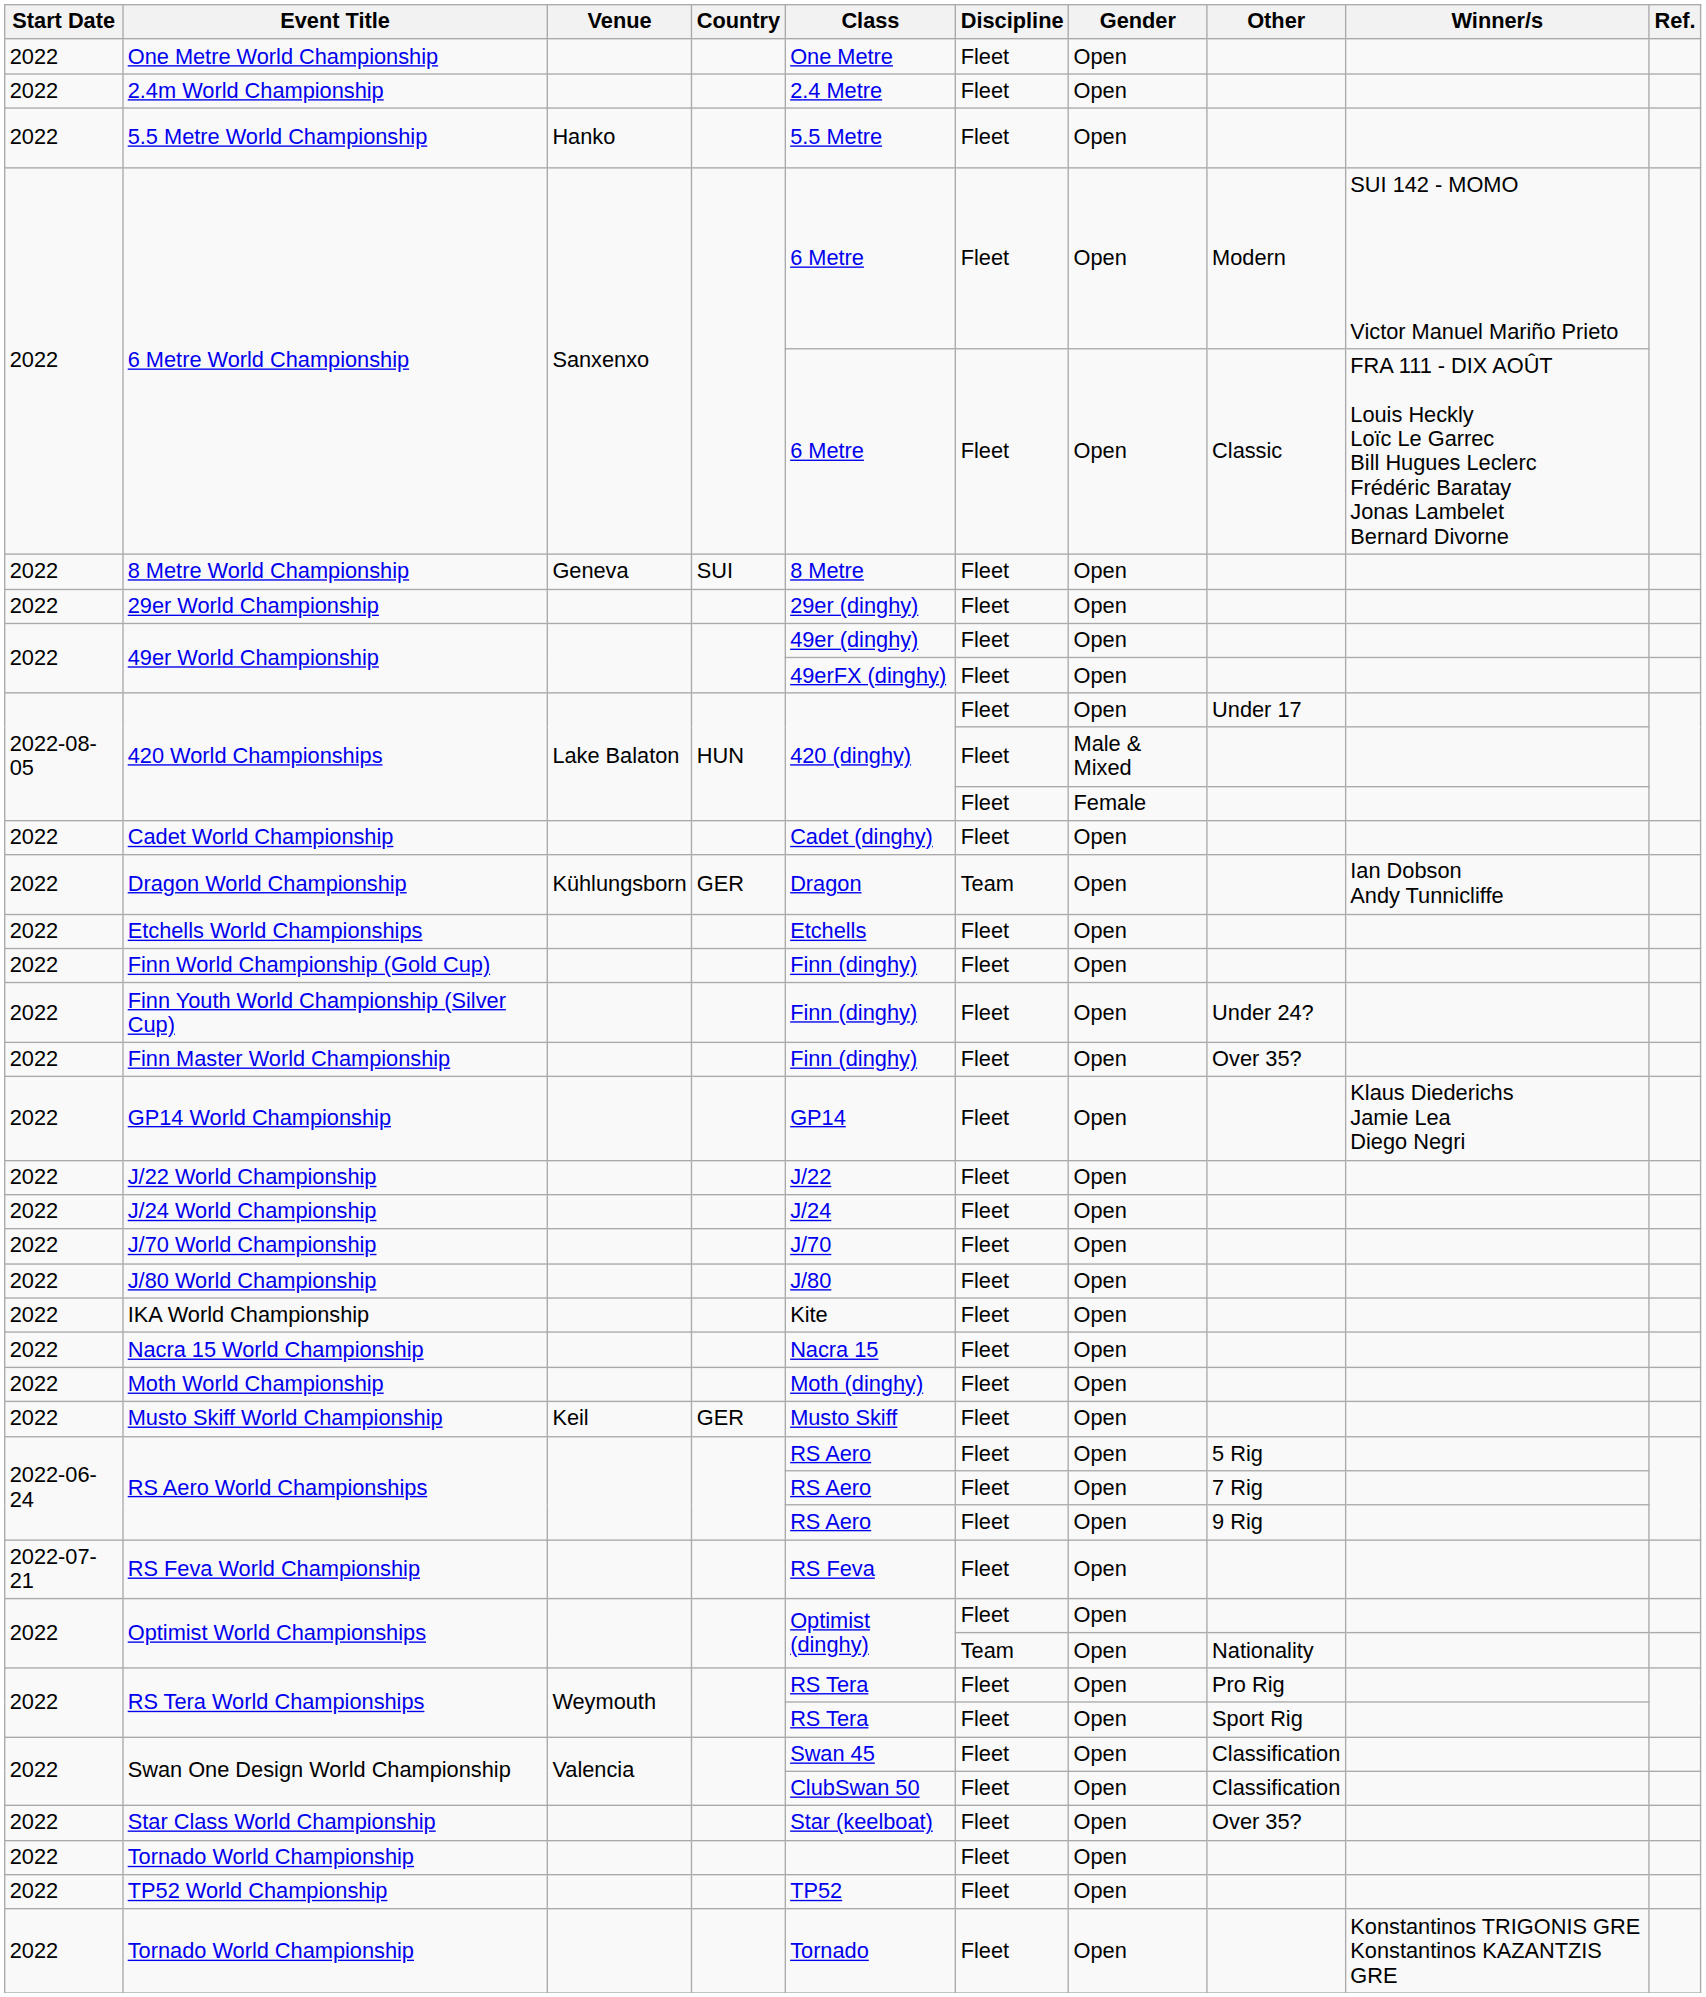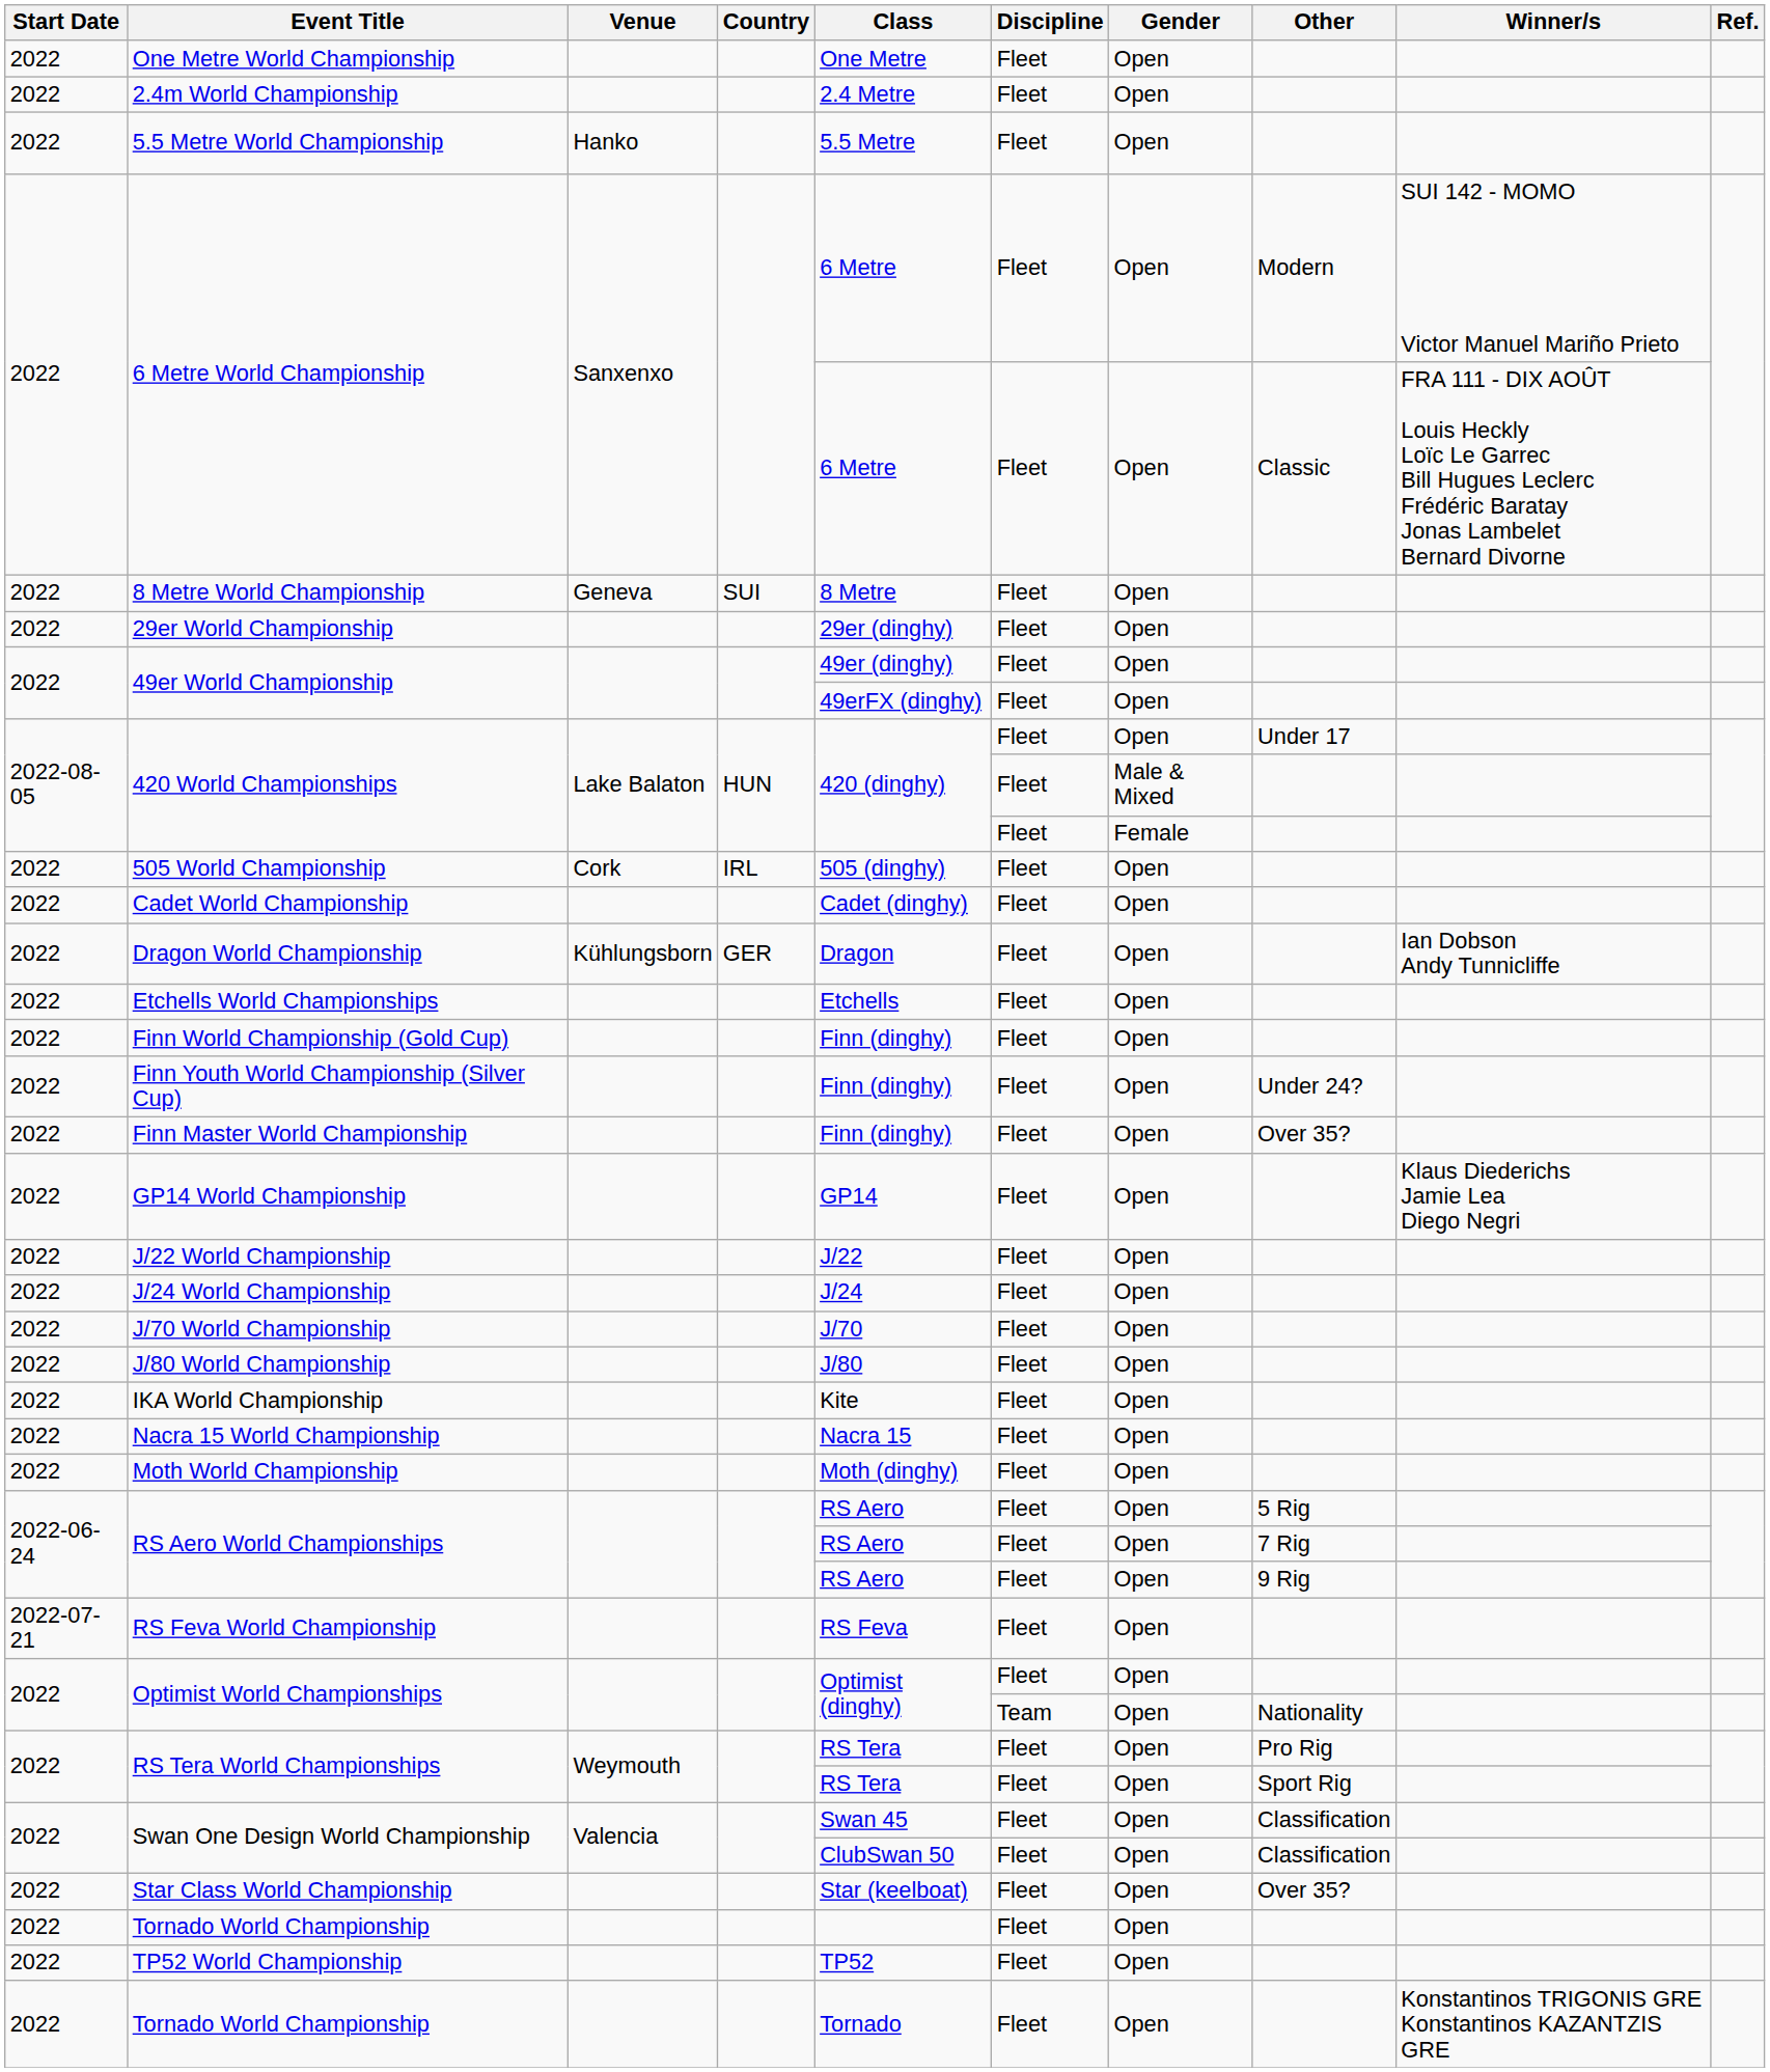 <table class="wikitable sortable">
 <tr>
 <th>Start Date</th>
 <th>Event Title</th>
 <th>Venue</th>
 <th>Country</th>
 <th>Class</th>
 <th>Discipline</th>
 <th>Gender</th>
 <th>Other</th>
 <th>Winner/s</th>
 <th>Ref.</th>
 </tr>
 <tr>
 <td>2022</td>
 <td><a href='#'>One Metre World Championship</a></td>
 <td></td>
 <td></td>
 <td><a href='#'>One Metre</a></td>
 <td>Fleet</td>
 <td>Open</td>
 <td></td>
 <td></td>
 <td></td>
 </tr>
 <tr>
 <td>2022</td>
 <td><a href='#'>2.4m World Championship</a></td>
 <td></td>
 <td></td>
 <td><a href='#'>2.4 Metre</a></td>
 <td>Fleet</td>
 <td>Open</td>
 <td></td>
 <td> </td>
 <td></td>
 </tr>
 <tr>
 <td>2022</td>
 <td><a href='#'>5.5 Metre World Championship</a></td>
 <td>Hanko</td>
 <td></td>
 <td><a href='#'>5.5 Metre</a></td>
 <td>Fleet</td>
 <td>Open</td>
 <td></td>
 <td> <br> <br> </td>
 <td></td>
 </tr>
 <tr>
 <td rowspan=2>2022</td>
 <td rowspan=2><a href='#'>6 Metre World Championship</a></td>
 <td rowspan=2>Sanxenxo</td>
 <td rowspan=2></td>
 <td><a href='#'>6 Metre</a></td>
 <td>Fleet</td>
 <td>Open</td>
 <td>Modern</td>
 <td>SUI 142 - MOMO<br><br><br> <br> <br> <br> Victor Manuel Mariño Prieto</td>
 <td rowspan=2></td>
 </tr>
 <tr>
 <td><a href='#'>6 Metre</a></td>
 <td>Fleet</td>
 <td>Open</td>
 <td>Classic</td>
 <td>FRA 111 - DIX AOÛT<br><br>Louis Heckly<br> Loïc Le Garrec<br> Bill Hugues Leclerc<br> Frédéric Baratay<br> Jonas Lambelet<br> Bernard Divorne<br></td>
 </tr>
 <tr>
 <td>2022</td>
 <td><a href='#'>8 Metre World Championship</a></td>
 <td>Geneva</td>
 <td>SUI</td>
 <td><a href='#'>8 Metre</a></td>
 <td>Fleet</td>
 <td>Open</td>
 <td></td>
 <td></td>
 <td></td>
 </tr>
 <tr>
 <td>2022</td>
 <td><a href='#'>29er World Championship</a></td>
 <td></td>
 <td></td>
 <td><a href='#'>29er (dinghy)</a></td>
 <td>Fleet</td>
 <td>Open</td>
 <td></td>
 <td></td>
 <td></td>
 </tr>
 <tr>
 <td rowspan=2>2022</td>
 <td rowspan=2><a href='#'>49er World Championship</a></td>
 <td rowspan=2></td>
 <td rowspan=2></td>
 <td><a href='#'>49er (dinghy)</a></td>
 <td>Fleet</td>
 <td>Open</td>
 <td></td>
 <td></td>
 <td></td>
 </tr>
 <tr>
 <td><a href='#'>49erFX (dinghy)</a></td>
 <td>Fleet</td>
 <td>Open</td>
 <td></td>
 <td></td>
 <td></td>
 </tr>
 <tr>
 <td rowspan= 3>2022-08-05</td>
 <td rowspan= 3><a href='#'>420 World Championships</a></td>
 <td rowspan= 3>Lake Balaton</td>
 <td rowspan= 3>HUN</td>
 <td rowspan= 3><a href='#'>420 (dinghy)</a></td>
 <td>Fleet</td>
 <td>Open</td>
 <td>Under 17</td>
 <td><br></td>
 <td rowspan= 3></td>
 </tr>
 <tr>
 <td>Fleet</td>
 <td>Male & Mixed</td>
 <td></td>
 <td><br></td>
 </tr>
 <tr>
 <td>Fleet</td>
 <td>Female</td>
 <td></td>
 <td><br></td>
 </tr>
 <tr>
 <td>2022</td>
+<td><a href='#'>505 World Championship</a></td>
+<td>Cork</td>
+<td>IRL</td>
+<td><a href='#'>505 (dinghy)</a></td>
+<td>Fleet</td>
+<td>Open</td>
+<td></td>
+<td> <br> </td>
+<td></td>
+</tr>
+<tr>
+<td>2022</td>
 <td><a href='#'>Cadet World Championship</a></td>
 <td></td>
 <td></td>
 <td><a href='#'>Cadet (dinghy)</a></td>
 <td>Fleet</td>
 <td>Open</td>
 <td></td>
 <td></td>
 <td></td>
 </tr>
 <tr>
 <td>2022</td>
 <td><a href='#'>Dragon World Championship</a></td>
 <td>Kühlungsborn</td>
 <td>GER</td>
 <td><a href='#'>Dragon</a></td>
-<td>Team</td>
+<td>Fleet</td>
 <td>Open</td>
 <td></td>
 <td>Ian Dobson<br>Andy Tunnicliffe</td>
 <td></td>
 </tr>
 <tr>
 <td>2022</td>
 <td><a href='#'>Etchells World Championships</a></td>
 <td></td>
 <td></td>
 <td><a href='#'>Etchells</a></td>
 <td>Fleet</td>
 <td>Open</td>
 <td></td>
 <td></td>
 <td></td>
 </tr>
 <tr>
 <td>2022</td>
 <td><a href='#'>Finn World Championship (Gold Cup)</a></td>
 <td></td>
 <td></td>
 <td><a href='#'>Finn (dinghy)</a></td>
 <td>Fleet</td>
 <td>Open</td>
 <td></td>
 <td></td>
 </tr>
 <tr>
 <td>2022</td>
 <td><a href='#'>Finn Youth World Championship (Silver Cup)</a></td>
 <td></td>
 <td></td>
 <td><a href='#'>Finn (dinghy)</a></td>
 <td>Fleet</td>
 <td>Open</td>
 <td>Under 24?</td>
 <td></td>
 <td></td>
 </tr>
 <tr>
 <td>2022</td>
 <td><a href='#'>Finn Master World Championship</a></td>
 <td></td>
 <td></td>
 <td><a href='#'>Finn (dinghy)</a></td>
 <td>Fleet</td>
 <td>Open</td>
 <td>Over 35?</td>
 <td></td>
 <td></td>
 </tr>
 <tr>
 <td>2022</td>
 <td><a href='#'>GP14 World Championship</a></td>
 <td></td>
 <td></td>
 <td><a href='#'>GP14</a></td>
 <td>Fleet</td>
 <td>Open</td>
 <td></td>
 <td>Klaus Diederichs<br>Jamie Lea<br>Diego Negri</td>
 <td></td>
 </tr>
 <tr>
 <td>2022</td>
 <td><a href='#'>J/22 World Championship</a></td>
 <td></td>
 <td></td>
 <td><a href='#'>J/22</a></td>
 <td>Fleet</td>
 <td>Open</td>
 <td></td>
 <td></td>
 <td></td>
 </tr>
 <tr>
 <td>2022</td>
 <td><a href='#'>J/24 World Championship</a></td>
 <td></td>
 <td></td>
 <td><a href='#'>J/24</a></td>
 <td>Fleet</td>
 <td>Open</td>
 <td></td>
 <td></td>
 <td></td>
 </tr>
 <tr>
 <td>2022</td>
 <td><a href='#'>J/70 World Championship</a></td>
 <td></td>
 <td></td>
 <td><a href='#'>J/70</a></td>
 <td>Fleet</td>
 <td>Open</td>
 <td></td>
 <td></td>
 <td></td>
 </tr>
 <tr>
 <td>2022</td>
 <td><a href='#'>J/80 World Championship</a></td>
 <td></td>
 <td></td>
 <td><a href='#'>J/80</a></td>
 <td>Fleet</td>
 <td>Open</td>
 <td></td>
 <td></td>
 <td></td>
 </tr>
 <tr>
 <td>2022</td>
 <td>IKA World Championship</td>
 <td></td>
 <td></td>
 <td>Kite</td>
 <td>Fleet</td>
 <td>Open</td>
 <td></td>
 <td></td>
 <td></td>
 </tr>
 <tr>
 <td>2022</td>
 <td><a href='#'>Nacra 15 World Championship</a></td>
 <td></td>
 <td></td>
 <td><a href='#'>Nacra 15</a></td>
 <td>Fleet</td>
 <td>Open</td>
 <td></td>
 <td></td>
 <td></td>
 </tr>
 <tr>
 <td>2022</td>
 <td><a href='#'>Moth World Championship</a></td>
 <td></td>
 <td></td>
 <td><a href='#'>Moth (dinghy)</a></td>
-<td>Fleet</td>
-<td>Open</td>
-<td></td>
-<td></td>
-<td></td>
-</tr>
-<tr>
-<td>2022</td>
-<td><a href='#'>Musto Skiff World Championship</a></td>
-<td>Keil</td>
-<td>GER</td>
-<td><a href='#'>Musto Skiff</a></td>
 <td>Fleet</td>
 <td>Open</td>
 <td></td>
 <td></td>
 <td></td>
 </tr>
 <tr>
 <td rowspan=3>2022-06-24</td>
 <td rowspan=3><a href='#'>RS Aero World Championships</a></td>
 <td rowspan=3></td>
 <td rowspan=3></td>
 <td><a href='#'>RS Aero</a></td>
 <td>Fleet</td>
 <td>Open</td>
 <td>5 Rig</td>
 <td></td>
 <td rowspan=3></td>
 </tr>
 <tr>
 <td><a href='#'>RS Aero</a></td>
 <td>Fleet</td>
 <td>Open</td>
 <td>7 Rig</td>
 <td></td>
 </tr>
 <tr>
 <td><a href='#'>RS Aero</a></td>
 <td>Fleet</td>
 <td>Open</td>
 <td>9 Rig</td>
 <td></td>
 </tr>
 <tr>
 <td>2022-07-21</td>
 <td><a href='#'>RS Feva World Championship</a></td>
 <td></td>
 <td></td>
 <td><a href='#'>RS Feva</a></td>
 <td>Fleet</td>
 <td>Open</td>
 <td></td>
 <td><br></td>
 <td></td>
 </tr>
 <tr>
 <td rowspan=2>2022</td>
 <td rowspan=2><a href='#'>Optimist World Championships</a></td>
 <td rowspan="2"></td>
 <td rowspan=2></td>
 <td rowspan=2><a href='#'>Optimist (dinghy)</a></td>
 <td>Fleet</td>
 <td>Open</td>
 <td></td>
 <td></td>
 <td></td>
 </tr>
 <tr>
 <td>Team</td>
 <td>Open</td>
 <td>Nationality</td>
 <td></td>
 <td></td>
 </tr>
 <tr>
 <td rowspan=2>2022</td>
 <td rowspan=2><a href='#'>RS Tera World Championships</a></td>
 <td rowspan="2">Weymouth</td>
 <td rowspan=2></td>
 <td><a href='#'>RS Tera</a></td>
 <td>Fleet</td>
 <td>Open</td>
 <td>Pro Rig</td>
 <td></td>
 <td rowspan=2></td>
 </tr>
 <tr>
 <td><a href='#'>RS Tera</a></td>
 <td>Fleet</td>
 <td>Open</td>
 <td>Sport Rig</td>
 <td></td>
 </tr>
 <tr>
 <td rowspan=2>2022</td>
 <td rowspan=2>Swan One Design World Championship</td>
 <td rowspan=2>Valencia</td>
 <td rowspan=2></td>
 <td><a href='#'>Swan 45</a></td>
 <td>Fleet</td>
 <td>Open</td>
 <td>Classification</td>
 <td></td>
 <td></td>
 </tr>
 <tr>
 <td><a href='#'>ClubSwan 50</a></td>
 <td>Fleet</td>
 <td>Open</td>
 <td>Classification</td>
 <td></td>
 <td></td>
 </tr>
 <tr>
 <td>2022</td>
 <td><a href='#'>Star Class World Championship</a></td>
 <td></td>
 <td></td>
 <td><a href='#'>Star (keelboat)</a></td>
 <td>Fleet</td>
 <td>Open</td>
 <td>Over 35?</td>
 <td><br> </td>
 <td></td>
 </tr>
 <tr>
 <td>2022</td>
 <td><a href='#'>Tornado World Championship</a></td>
 <td></td>
 <td></td>
 <td></td>
 <td>Fleet</td>
 <td>Open</td>
 <td></td>
 <td></td>
 <td></td>
 </tr>
 <tr>
 <td>2022</td>
 <td><a href='#'>TP52 World Championship</a></td>
 <td></td>
 <td></td>
 <td><a href='#'>TP52</a></td>
 <td>Fleet</td>
 <td>Open</td>
 <td></td>
 <td></td>
 <td></td>
 </tr>
 <tr>
 <td>2022</td>
 <td><a href='#'>Tornado World Championship</a></td>
 <td></td>
 <td></td>
 <td><a href='#'>Tornado</a></td>
 <td>Fleet</td>
 <td>Open</td>
 <td></td>
 <td>Konstantinos TRIGONIS GRE<br>Konstantinos KAZANTZIS GRE</td>
 <td></td>
 </tr>
 </table>
